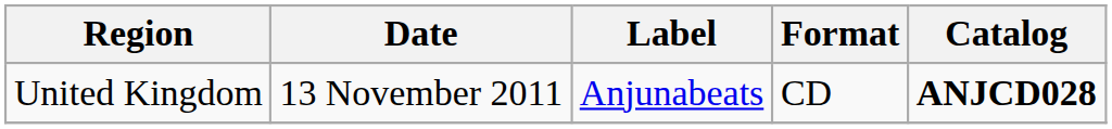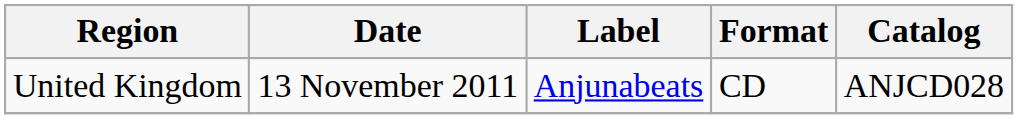 <table class=wikitable>
 <tr>
 <th>Region</th>
 <th>Date</th>
 <th>Label</th>
 <th>Format</th>
 <th>Catalog</th>
 </tr>
 <tr>
 <td>United Kingdom</td>
 <td>13 November 2011</td>
 <td><a href='#'>Anjunabeats</a></td>
 <td>CD</td>
-<td><strong>ANJCD028</strong></td>
+<td>ANJCD028</td>
 </tr>
 <tr>
 </tr>
 </table>
